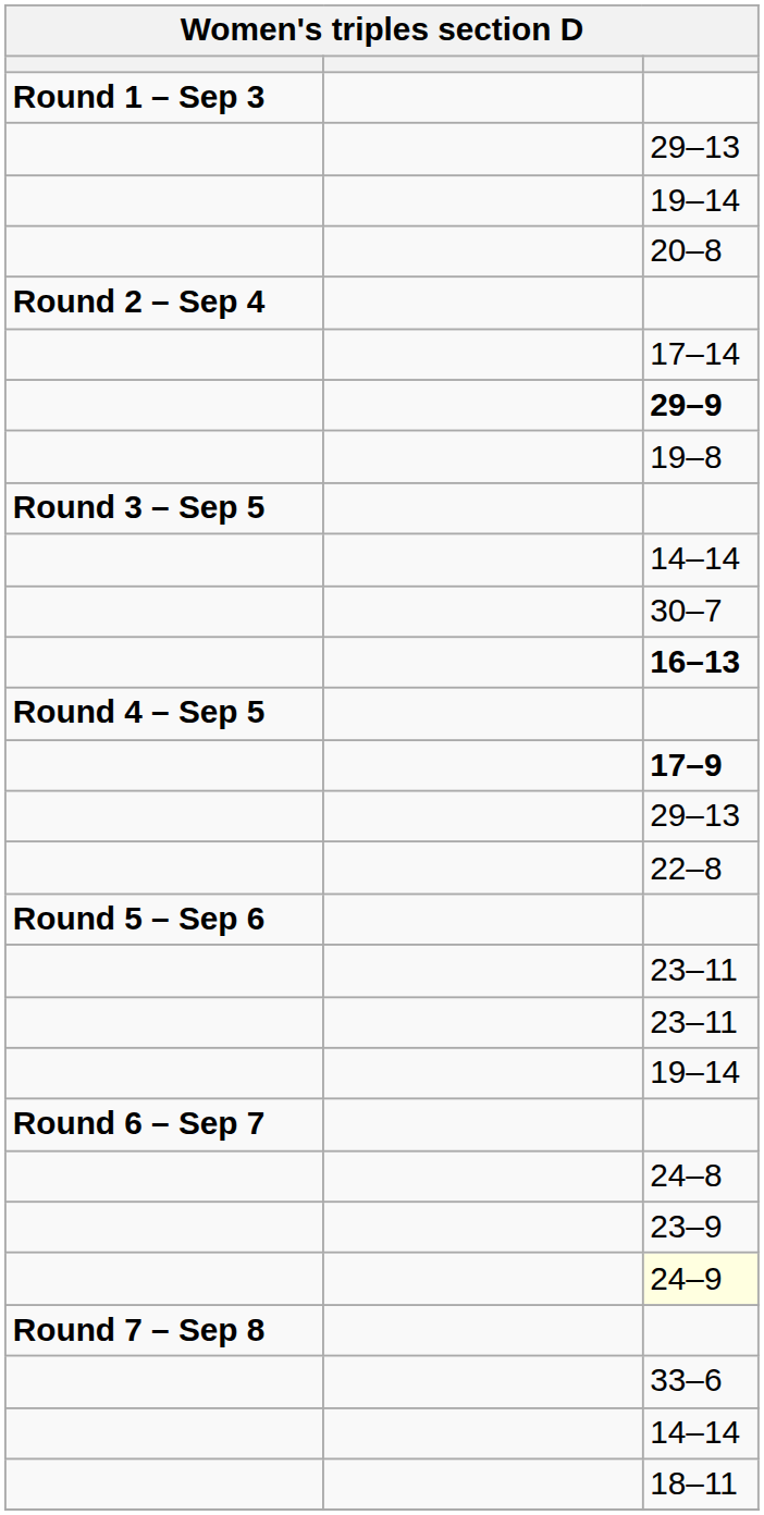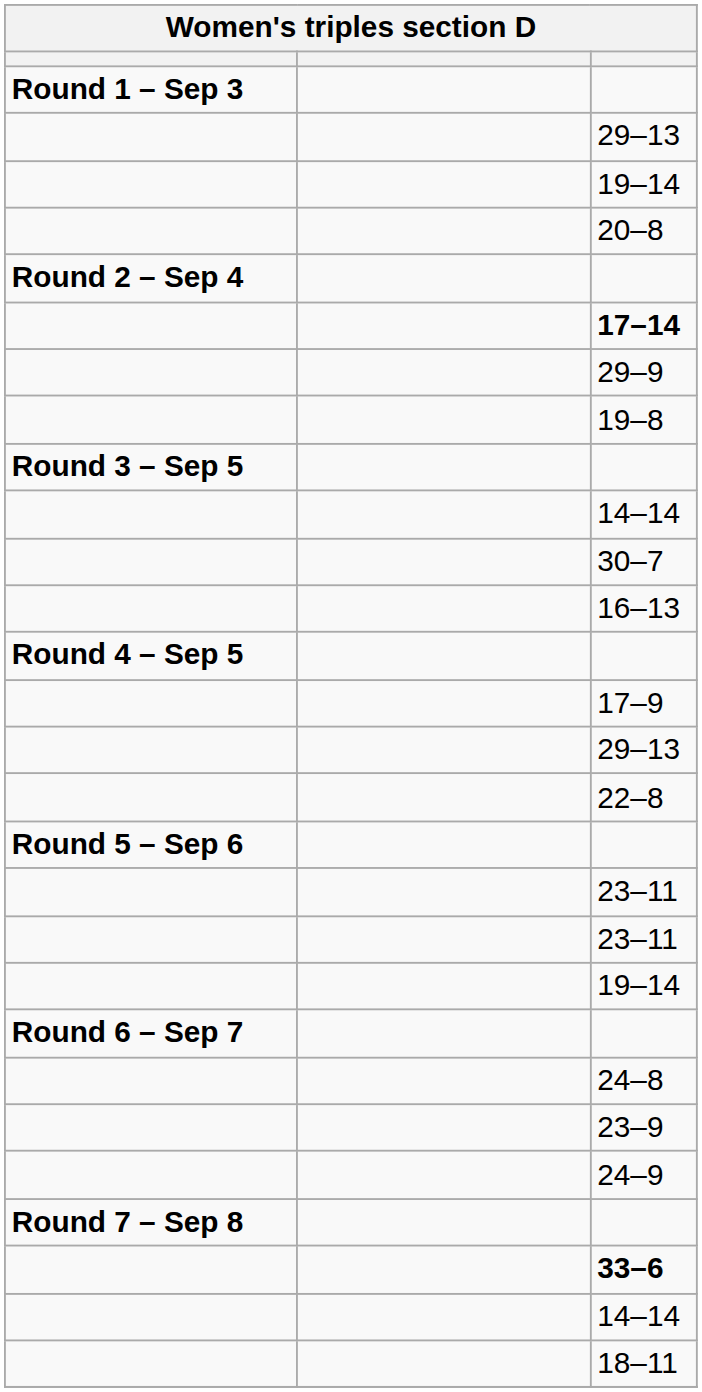 <table class="wikitable">
 <tr>
 <th colspan="3">Women's triples section D</th>
 </tr>
 <tr>
 <th width=150></th>
 <th width=150></th>
 <th width=50></th>
 </tr>
 <tr>
 <td><strong>Round 1 – Sep 3</strong></td>
 <td></td>
 <td></td>
 </tr>
 <tr>
 <td></td>
 <td></td>
 <td>29–13</td>
 </tr>
 <tr>
 <td></td>
 <td></td>
 <td>19–14</td>
 </tr>
 <tr>
 <td></td>
 <td></td>
 <td>20–8</td>
 </tr>
 <tr>
 <td><strong>Round 2 – Sep 4</strong></td>
 <td></td>
 <td></td>
 </tr>
 <tr>
 <td></td>
 <td></td>
-<td>17–14</td>
+<td><strong>17–14</strong></td>
 </tr>
 <tr>
 <td></td>
 <td></td>
-<td><strong>29–9</strong></td>
+<td>29–9</td>
 </tr>
 <tr>
 <td></td>
 <td></td>
 <td>19–8</td>
 </tr>
 <tr>
 <td><strong>Round 3 – Sep 5</strong></td>
 <td></td>
 <td></td>
 </tr>
 <tr>
 <td></td>
 <td></td>
 <td>14–14</td>
 </tr>
 <tr>
 <td></td>
 <td></td>
 <td>30–7</td>
 </tr>
 <tr>
 <td></td>
 <td></td>
-<td><strong>16–13</strong></td>
+<td>16–13</td>
 </tr>
 <tr>
 <td><strong>Round 4 – Sep 5</strong></td>
 <td></td>
 <td></td>
 </tr>
 <tr>
 <td></td>
 <td></td>
-<td><strong>17–9</strong></td>
+<td>17–9</td>
 </tr>
 <tr>
 <td></td>
 <td></td>
 <td>29–13</td>
 </tr>
 <tr>
 <td></td>
 <td></td>
 <td>22–8</td>
 </tr>
 <tr>
 <td><strong>Round 5 – Sep 6</strong></td>
 <td></td>
 <td></td>
 </tr>
 <tr>
 <td></td>
 <td></td>
 <td>23–11</td>
 </tr>
 <tr>
 <td></td>
 <td></td>
 <td>23–11</td>
 </tr>
 <tr>
 <td></td>
 <td></td>
 <td>19–14</td>
 </tr>
 <tr>
 <td><strong>Round 6  – Sep 7</strong></td>
 <td></td>
 <td></td>
 </tr>
 <tr>
 <td></td>
 <td></td>
 <td>24–8</td>
 </tr>
 <tr>
 <td></td>
 <td></td>
 <td>23–9</td>
 </tr>
 <tr>
 <td></td>
 <td></td>
-<td style="background: lightyellow;">24–9</td>
+<td>24–9</td>
 </tr>
 <tr>
 <td><strong>Round 7 – Sep 8</strong></td>
 <td></td>
 <td></td>
 </tr>
 <tr>
 <td></td>
 <td></td>
-<td>33–6</td>
+<td><strong>33–6</strong></td>
 </tr>
 <tr>
 <td></td>
 <td></td>
 <td>14–14</td>
 </tr>
 <tr>
 <td></td>
 <td></td>
 <td>18–11</td>
 </tr>
 <tr>
 </tr>
 </table>
